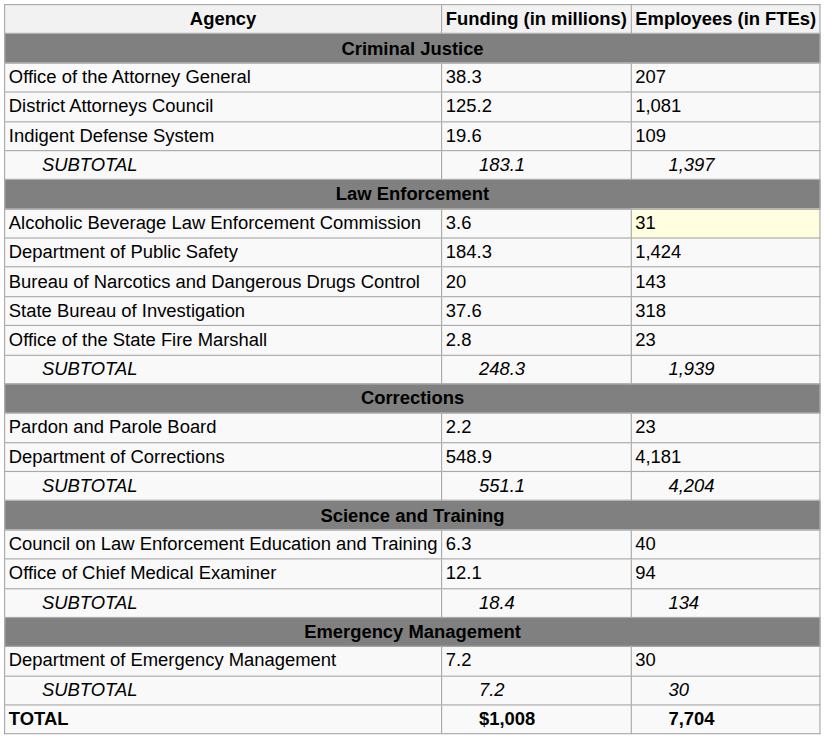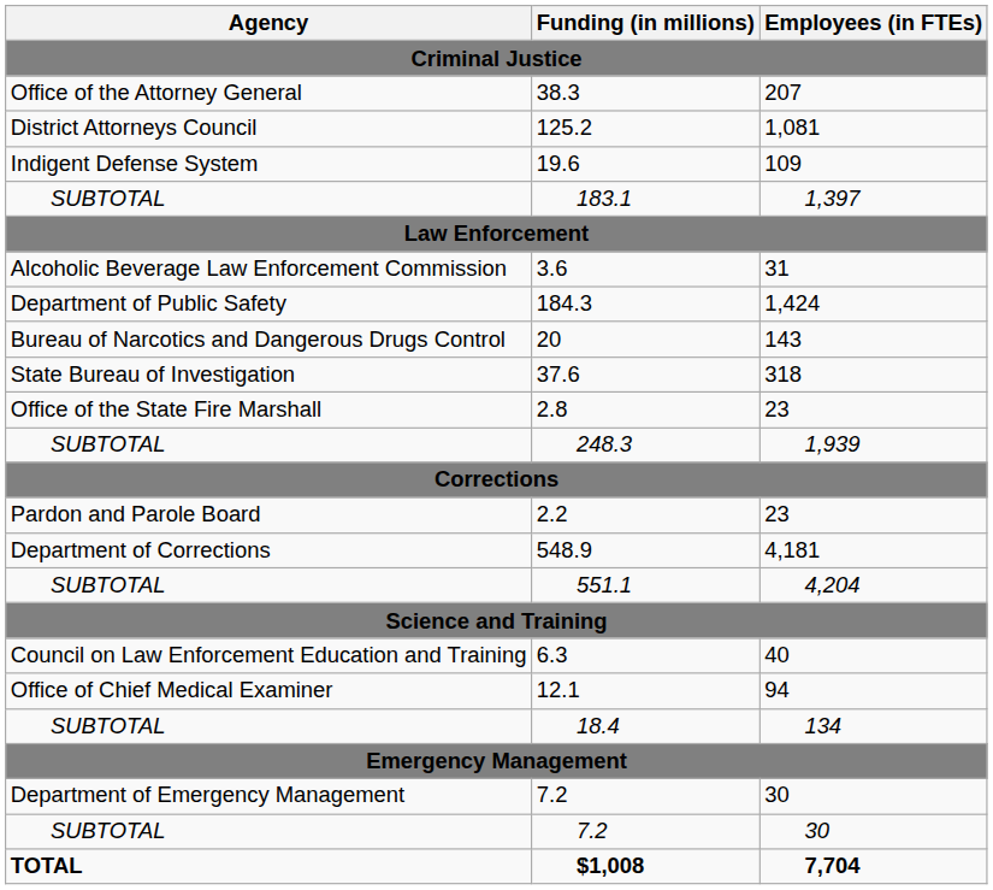 <table class="wikitable">
 <tr>
 <th>Agency</th>
 <th>Funding (in millions)</th>
 <th>Employees (in FTEs)</th>
 </tr>
 <tr>
 <td colspan="3"  style="text-align:center; background:grey;"><strong>Criminal Justice</strong></td>
 </tr>
 <tr>
 <td>Office of the Attorney General</td>
 <td>38.3</td>
 <td>207</td>
 </tr>
 <tr>
 <td>District Attorneys Council</td>
 <td>125.2</td>
 <td>1,081</td>
 </tr>
 <tr>
 <td>Indigent Defense System</td>
 <td>19.6</td>
 <td>109</td>
 </tr>
 <tr>
 <td style="padding-left: 2em;"><em>SUBTOTAL</em></td>
 <td style="padding-left: 2em;"><em>183.1</em></td>
 <td style="padding-left: 2em;"><em>1,397</em></td>
 </tr>
 <tr>
 <td colspan="3"  style="text-align:center; background:grey;"><strong>Law Enforcement</strong></td>
 </tr>
 <tr>
 <td>Alcoholic Beverage Law Enforcement Commission</td>
 <td>3.6</td>
-<td style="background: lightyellow;">31</td>
+<td>31</td>
 </tr>
 <tr>
 <td>Department of Public Safety</td>
 <td>184.3</td>
 <td>1,424</td>
 </tr>
 <tr>
 <td>Bureau of Narcotics and Dangerous Drugs Control</td>
 <td>20</td>
 <td>143</td>
 </tr>
 <tr>
 <td>State Bureau of Investigation</td>
 <td>37.6</td>
 <td>318</td>
 </tr>
 <tr>
 <td>Office of the State Fire Marshall</td>
 <td>2.8</td>
 <td>23</td>
 </tr>
 <tr>
 <td style="padding-left: 2em;"><em>SUBTOTAL</em></td>
 <td style="padding-left: 2em;"><em>248.3</em></td>
 <td style="padding-left: 2em;"><em>1,939</em></td>
 </tr>
 <tr>
 <td colspan="3"  style="text-align:center; background:grey;"><strong>Corrections</strong></td>
 </tr>
 <tr>
 <td>Pardon and Parole Board</td>
 <td>2.2</td>
 <td>23</td>
 </tr>
 <tr>
 <td>Department of Corrections</td>
 <td>548.9</td>
 <td>4,181</td>
 </tr>
 <tr>
 <td style="padding-left: 2em;"><em>SUBTOTAL</em></td>
 <td style="padding-left: 2em;"><em>551.1</em></td>
 <td style="padding-left: 2em;"><em>4,204</em></td>
 </tr>
 <tr>
 <td colspan="3"  style="text-align:center; background:grey;"><strong>Science and Training</strong></td>
 </tr>
 <tr>
 <td>Council on Law Enforcement Education and Training</td>
 <td>6.3</td>
 <td>40</td>
 </tr>
 <tr>
 <td>Office of Chief Medical Examiner</td>
 <td>12.1</td>
 <td>94</td>
 </tr>
 <tr>
 <td style="padding-left: 2em;"><em>SUBTOTAL</em></td>
 <td style="padding-left: 2em;"><em>18.4</em></td>
 <td style="padding-left: 2em;"><em>134</em></td>
 </tr>
 <tr>
 <td colspan="3"  style="text-align:center; background:grey;"><strong>Emergency Management</strong></td>
 </tr>
 <tr>
 <td>Department of Emergency Management</td>
 <td>7.2</td>
 <td>30</td>
 </tr>
 <tr>
 <td style="padding-left: 2em;"><em>SUBTOTAL</em></td>
 <td style="padding-left: 2em;"><em>7.2</em></td>
 <td style="padding-left: 2em;"><em>30</em></td>
 </tr>
 <tr>
 <td><strong>TOTAL</strong></td>
 <td style="padding-left: 2em;"><strong>$1,008</strong></td>
 <td style="padding-left: 2em;"><strong>7,704</strong></td>
 </tr>
 </table>
